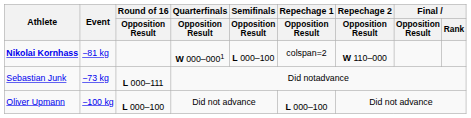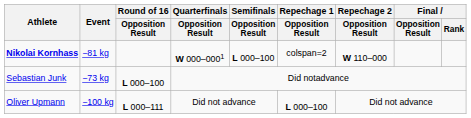 <table class="wikitable" style="font-size:90%">
 <tr>
 <th rowspan="2">Athlete</th>
 <th rowspan="2">Event</th>
 <th>Round of 16</th>
 <th>Quarterfinals</th>
 <th>Semifinals</th>
 <th>Repechage 1</th>
 <th>Repechage 2</th>
 <th colspan=2>Final / </th>
 </tr>
 <tr style="font-size:95%">
 <th>Opposition<br>Result</th>
 <th>Opposition<br>Result</th>
 <th>Opposition<br>Result</th>
 <th>Opposition<br>Result</th>
 <th>Opposition<br>Result</th>
 <th>Opposition<br>Result</th>
 <th>Rank</th>
 </tr>
 <tr align=center>
 <td align=left><strong><a href='#'>Nikolai Kornhass</a></strong></td>
 <td align=left><a href='#'>−81 kg</a></td>
 <td></td>
 <td><br><strong>W</strong> 000–000<sup>1</sup></td>
 <td><br><strong>L</strong> 000–100</td>
 <td>colspan=2</td>
 <td><br><strong>W</strong> 110–000</td>
 <td></td>
 </tr>
 <tr align=center>
 <td align=left><a href='#'>Sebastian Junk</a></td>
 <td align=left><a href='#'>−73 kg</a></td>
-<td><br><strong>L</strong> 000–111</td>
+<td><br><strong>L</strong> 000–100</td>
 <td colspan=6>Did notadvance</td>
 </tr>
 <tr align=center>
 <td align=left><a href='#'>Oliver Upmann</a></td>
 <td align=left><a href='#'>−100 kg</a></td>
-<td><br><strong>L</strong> 000–100</td>
+<td><br><strong>L</strong> 000–111</td>
 <td colspan=2>Did not advance</td>
 <td><br><strong>L</strong> 000–100</td>
 <td colspan=3>Did not advance</td>
 </tr>
 </table>
